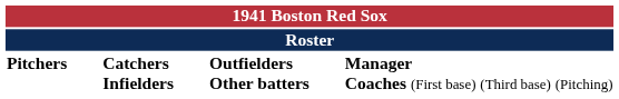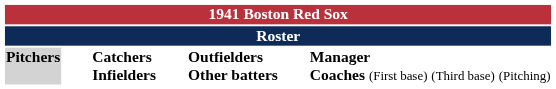 <table class="toccolours" style="text-align: left;">
 <tr>
 <th colspan="10" style="background-color: #ba313c; color: white; text-align: center;">1941 Boston Red Sox</th>
 </tr>
 <tr>
 <td colspan="10" style="background-color: #0d2b56; color: white; text-align: center;"><strong>Roster</strong></td>
 </tr>
 <tr>
-<td valign="top"><strong>Pitchers</strong><br>              </td>
+<td valign="top" style="background: lightgrey;"><strong>Pitchers</strong><br>              </td>
 <td width="25px"></td>
 <td valign="top"><strong>Catchers</strong><br>  <strong>Infielders</strong>        </td>
 <td width="25px"></td>
 <td valign="top"><strong>Outfielders</strong><br>     <strong>Other batters</strong> </td>
 <td width="25px"></td>
 <td valign="top"><strong>Manager</strong><br> <strong>Coaches</strong>  <small>(First base)</small>  <small>(Third base)</small>  <small>(Pitching)</small></td>
 </tr>
 <tr>
 </tr>
 </table>
